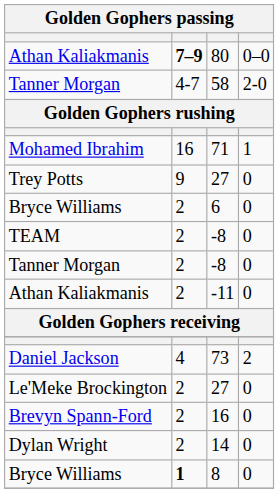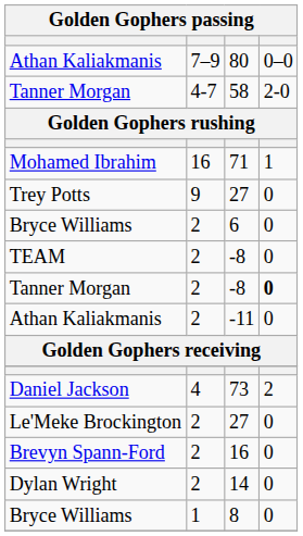 <table class="wikitable plainrowheaders">
 <tr>
 <th colspan="6">Golden Gophers passing</th>
 </tr>
 <tr>
 <th scope="col"></th>
 <th scope="col"></th>
 <th scope="col"></th>
 <th scope="col"></th>
 </tr>
 <tr>
 <td><a href='#'>Athan Kaliakmanis</a></td>
-<td><strong>7–9</strong></td>
+<td>7–9</td>
 <td>80</td>
 <td>0–0</td>
 </tr>
 <tr>
 <td><a href='#'>Tanner Morgan</a></td>
 <td>4-7</td>
 <td>58</td>
 <td>2-0</td>
 </tr>
 <tr>
 <th colspan="6">Golden Gophers rushing</th>
 </tr>
 <tr>
 <th scope="col"></th>
 <th scope="col"></th>
 <th scope="col"></th>
 <th scope="col"></th>
 </tr>
 <tr>
 <td><a href='#'>Mohamed Ibrahim</a></td>
 <td>16</td>
 <td>71</td>
 <td>1</td>
 </tr>
 <tr>
 <td>Trey Potts</td>
 <td>9</td>
 <td>27</td>
 <td>0</td>
 </tr>
 <tr>
 <td>Bryce Williams</td>
 <td>2</td>
 <td>6</td>
 <td>0</td>
 </tr>
 <tr>
 <td>TEAM</td>
 <td>2</td>
 <td>-8</td>
 <td>0</td>
 </tr>
 <tr>
 <td>Tanner Morgan</td>
 <td>2</td>
 <td>-8</td>
-<td>0</td>
+<td><strong>0</strong></td>
 </tr>
 <tr>
 <td>Athan Kaliakmanis</td>
 <td>2</td>
 <td>-11</td>
 <td>0</td>
 </tr>
 <tr>
 <th colspan="6">Golden Gophers receiving</th>
 </tr>
 <tr>
 </tr>
 <tr>
 <th scope="col"></th>
 <th scope="col"></th>
 <th scope="col"></th>
 <th scope="col"></th>
 </tr>
 <tr>
 <td><a href='#'>Daniel Jackson</a></td>
 <td>4</td>
 <td>73</td>
 <td>2</td>
 </tr>
 <tr>
 <td>Le'Meke Brockington</td>
 <td>2</td>
 <td>27</td>
 <td>0</td>
 </tr>
 <tr>
 <td><a href='#'>Brevyn Spann-Ford</a></td>
 <td>2</td>
 <td>16</td>
 <td>0</td>
 </tr>
 <tr>
 <td>Dylan Wright</td>
 <td>2</td>
 <td>14</td>
 <td>0</td>
 </tr>
 <tr>
 <td>Bryce Williams</td>
-<td><strong>1</strong></td>
+<td>1</td>
 <td>8</td>
 <td>0</td>
 </tr>
 <tr>
 </tr>
 </table>
